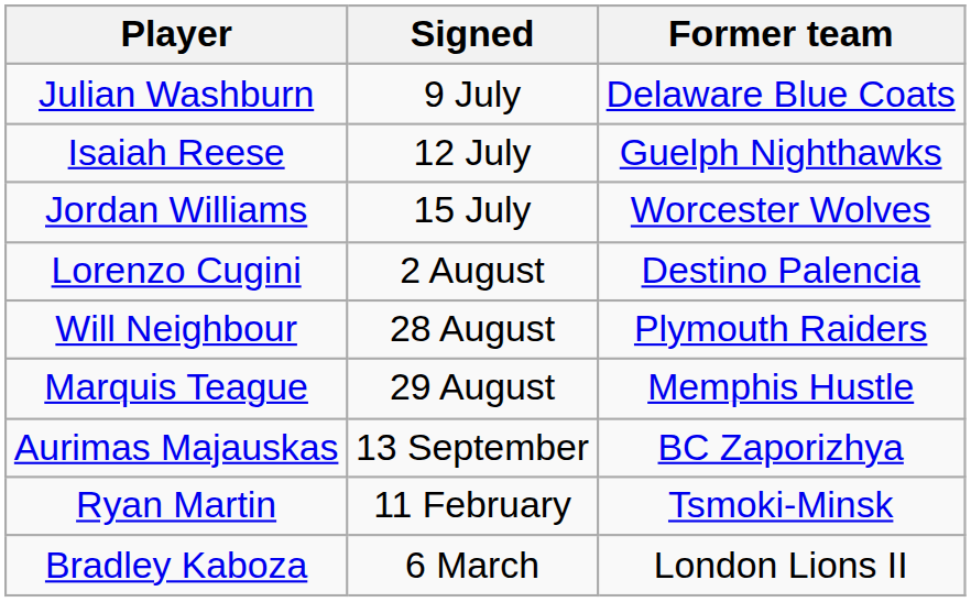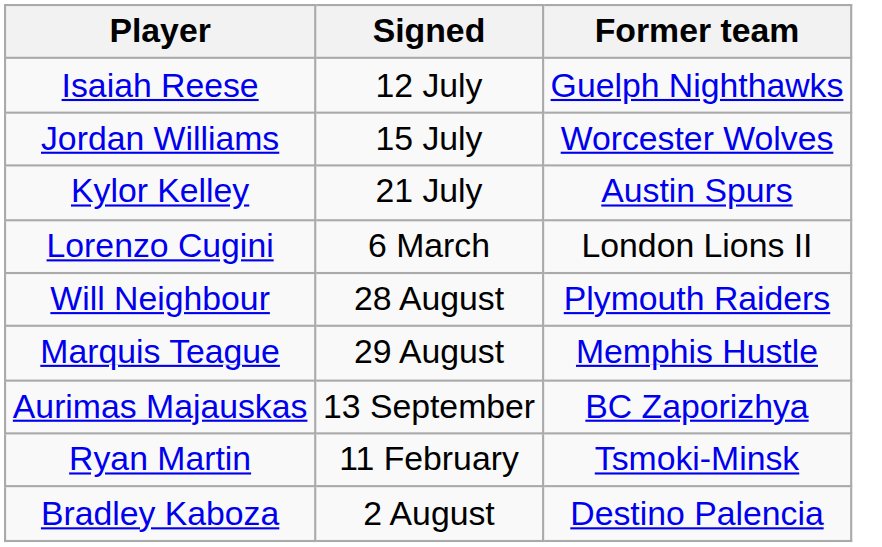 <table class="wikitable sortable sortable" style="text-align: center">
 <tr>
 <th>Player</th>
 <th>Signed</th>
 <th>Former team</th>
-</tr>
-<tr>
-<td><a href='#'>Julian Washburn</a></td>
-<td>9 July</td>
-<td><a href='#'>Delaware Blue Coats</a></td>
 </tr>
 <tr>
 <td><a href='#'>Isaiah Reese</a></td>
 <td>12 July</td>
 <td><a href='#'>Guelph Nighthawks</a></td>
 </tr>
 <tr>
 <td><a href='#'>Jordan Williams</a></td>
 <td>15 July</td>
 <td><a href='#'>Worcester Wolves</a></td>
 </tr>
 <tr>
+<td><a href='#'>Kylor Kelley</a></td>
+<td>21 July</td>
+<td><a href='#'>Austin Spurs</a></td>
+</tr>
+<tr>
 <td><a href='#'>Lorenzo Cugini</a></td>
-<td>2 August</td>
-<td><a href='#'>Destino Palencia</a></td>
+<td>6 March</td>
+<td>London Lions II</td>
 </tr>
 <tr>
 <td><a href='#'>Will Neighbour</a></td>
 <td>28 August</td>
 <td><a href='#'>Plymouth Raiders</a></td>
 </tr>
 <tr>
 <td><a href='#'>Marquis Teague</a></td>
 <td>29 August</td>
 <td><a href='#'>Memphis Hustle</a></td>
 </tr>
 <tr>
 <td><a href='#'>Aurimas Majauskas</a></td>
 <td>13 September</td>
 <td><a href='#'>BC Zaporizhya</a></td>
 </tr>
 <tr>
 <td><a href='#'>Ryan Martin</a></td>
 <td>11 February</td>
 <td><a href='#'>Tsmoki-Minsk</a></td>
 </tr>
 <tr>
 <td><a href='#'>Bradley Kaboza</a></td>
-<td>6 March</td>
-<td>London Lions II</td>
+<td>2 August</td>
+<td><a href='#'>Destino Palencia</a></td>
 </tr>
 </table>
